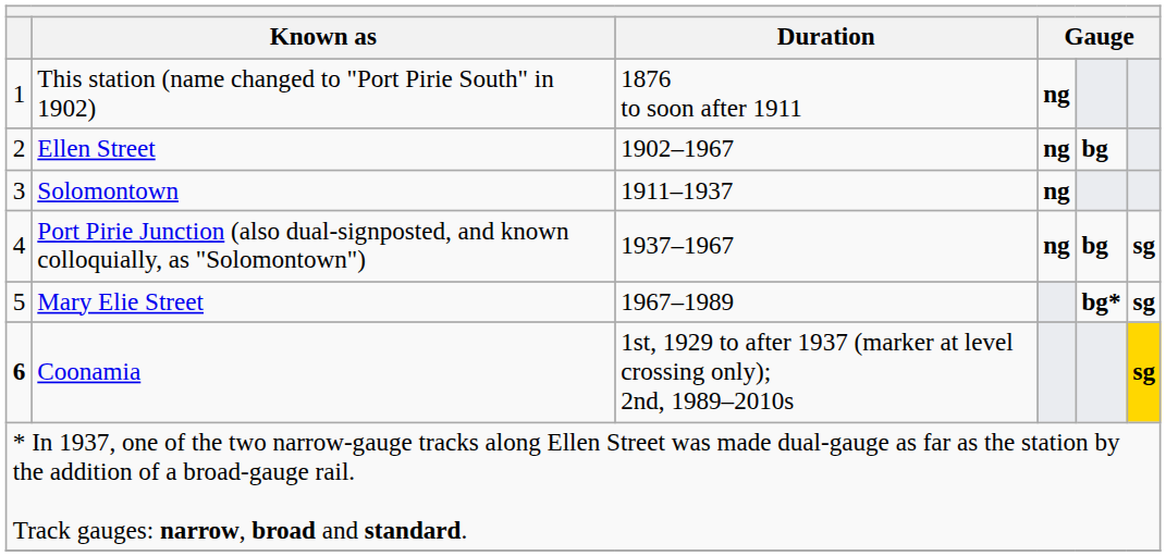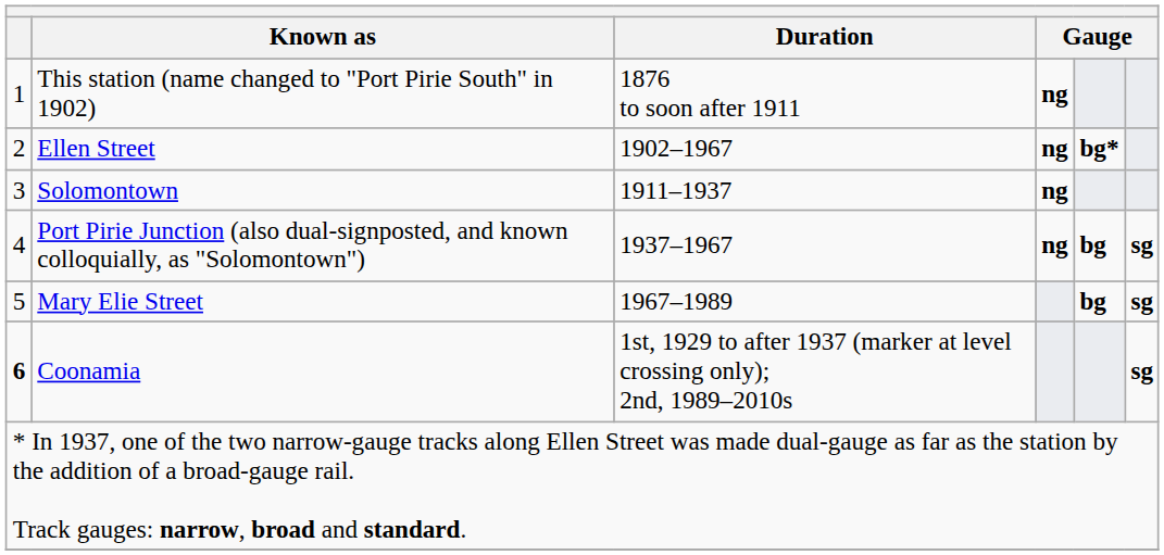 <table class="wikitable floatright mw-collapsible mw-collapsed" border="1" style="width:50%; font-size:86%; float:right; margin-left:2em; margin-right:2em; margin-bottom:2em">
 <tr>
 <th colspan="6"></th>
 </tr>
 <tr>
 <th scope="col"> </th>
 <th scope="col">Known as</th>
 <th scope="col">Duration</th>
 <th scope="col" colspan="3">Gauge</th>
 </tr>
 <tr>
 <td>1</td>
 <td>This station (name changed to "Port Pirie South" in 1902)</td>
 <td>1876<br>to soon after 1911</td>
 <td><span><strong>ng</strong></span></td>
 <td style="background: #eaecf0;"> </td>
 <td style="background: #eaecf0;"></td>
 </tr>
 <tr>
 <td>2</td>
 <td><a href='#'>Ellen Street</a></td>
 <td>1902–1967</td>
 <td><span><strong>ng</strong></span></td>
-<td><span><strong>bg</strong></span></td>
+<td><span><strong> bg*</strong></span></td>
 <td style="background: #eaecf0;"></td>
 </tr>
 <tr>
 <td>3</td>
 <td><a href='#'>Solomontown</a></td>
 <td>1911–1937</td>
 <td><span><strong>ng</strong></span></td>
 <td style="background: #eaecf0;"></td>
 <td style="background: #eaecf0;"></td>
 </tr>
 <tr>
 <td>4</td>
 <td><a href='#'>Port Pirie Junction</a> (also dual-signposted, and known colloquially, as "Solomontown")</td>
 <td>1937–1967</td>
 <td><span><strong>ng</strong></span></td>
 <td><span><strong>bg</strong></span></td>
 <td><span><strong>sg</strong></span></td>
 </tr>
 <tr>
 <td>5</td>
 <td><a href='#'>Mary Elie Street</a></td>
 <td>1967–1989</td>
 <td style="background: #eaecf0;"></td>
-<td><span><strong> bg*</strong></span></td>
+<td><span><strong>bg</strong></span></td>
 <td><span><strong>sg</strong></span></td>
 </tr>
 <tr>
 <td><strong>6</strong></td>
 <td><a href='#'> Coonamia</a></td>
 <td>1st, 1929 to after 1937 (marker at level crossing only);<br>2nd, 1989–2010s</td>
 <td style="background: #eaecf0;"></td>
 <td style="background: #eaecf0;"></td>
-<td style="background: gold;"><span><strong>sg</strong></span></td>
+<td><span><strong>sg</strong></span></td>
 </tr>
 <tr>
 <td colspan="6">* In 1937, one of the two narrow-gauge tracks along Ellen Street was made dual-gauge as far as the station by the addition of a broad-gauge rail. <br><br>Track gauges: <span><strong>narrow</strong></span>, <span><strong>broad</strong></span> and <span><strong>standard</strong>.</span><br></td>
 </tr>
 <tr>
 </tr>
 </table>
